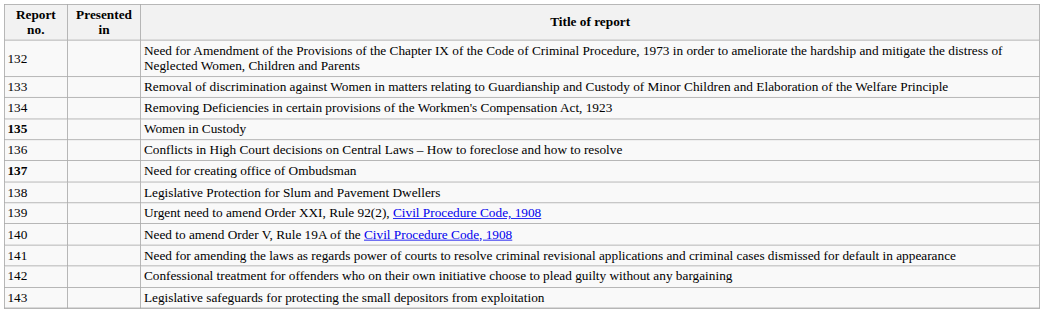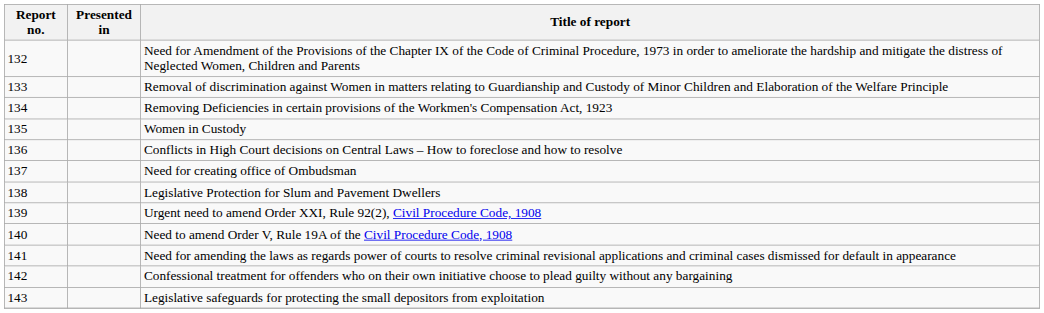 <table class="wikitable">
 <tr>
 <th>Report no.</th>
 <th>Presented in</th>
 <th>Title of report</th>
 </tr>
 <tr>
 <td>132</td>
 <td></td>
 <td>Need for Amendment of the Provisions of the Chapter IX of the Code of Criminal Procedure, 1973 in order to ameliorate the hardship and mitigate the distress of Neglected Women, Children and Parents</td>
 </tr>
 <tr>
 <td>133</td>
 <td></td>
 <td>Removal of discrimination against Women in matters relating to Guardianship and Custody of Minor Children and Elaboration of the Welfare Principle</td>
 </tr>
 <tr>
 <td>134</td>
 <td></td>
 <td>Removing Deficiencies in certain provisions of the Workmen's Compensation Act, 1923</td>
 </tr>
 <tr>
-<td><strong>135</strong></td>
+<td>135</td>
 <td></td>
 <td>Women in Custody</td>
 </tr>
 <tr>
 <td>136</td>
 <td></td>
 <td>Conflicts in High Court decisions on Central Laws – How to foreclose and how to resolve</td>
 </tr>
 <tr>
-<td><strong>137</strong></td>
+<td>137</td>
 <td></td>
 <td>Need for creating office of Ombudsman</td>
 </tr>
 <tr>
 <td>138</td>
 <td></td>
 <td>Legislative Protection for Slum and Pavement Dwellers</td>
 </tr>
 <tr>
 <td>139</td>
 <td></td>
 <td>Urgent need to amend Order XXI, Rule 92(2), <a href='#'>Civil Procedure Code, 1908</a></td>
 </tr>
 <tr>
 <td>140</td>
 <td></td>
 <td>Need to amend Order V, Rule 19A of the <a href='#'>Civil Procedure Code, 1908</a></td>
 </tr>
 <tr>
 <td>141</td>
 <td></td>
 <td>Need for amending the laws as regards power of courts to resolve criminal revisional applications and criminal cases dismissed for default in appearance</td>
 </tr>
 <tr>
 <td>142</td>
 <td></td>
 <td>Confessional treatment for offenders who on their own initiative choose to plead guilty without any bargaining</td>
 </tr>
 <tr>
 <td>143</td>
 <td></td>
 <td>Legislative safeguards for protecting the small depositors from exploitation</td>
 </tr>
 <tr>
 </tr>
 </table>
